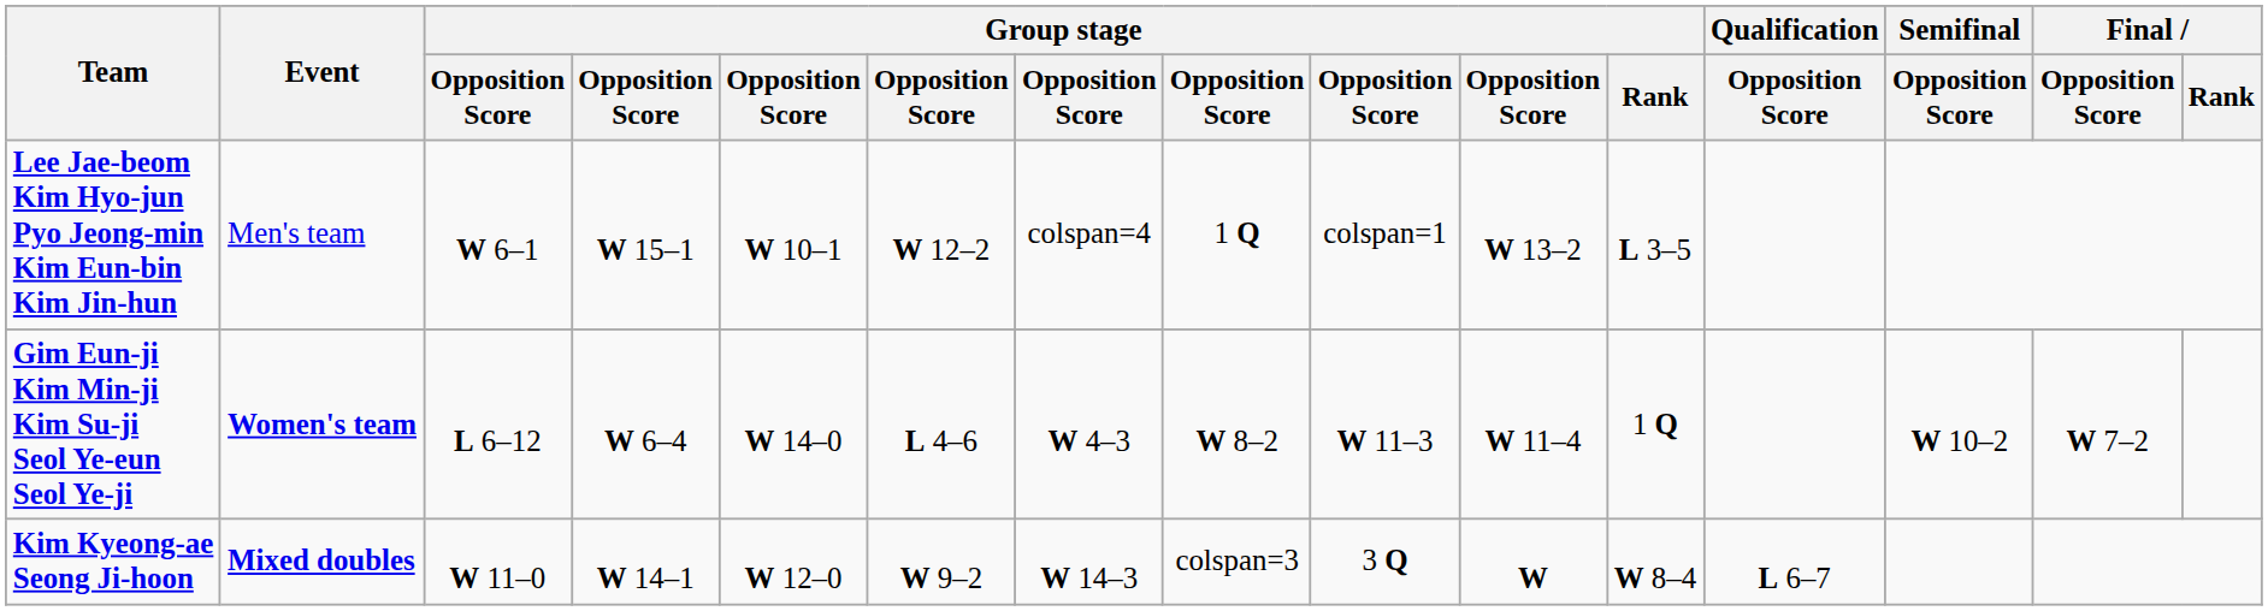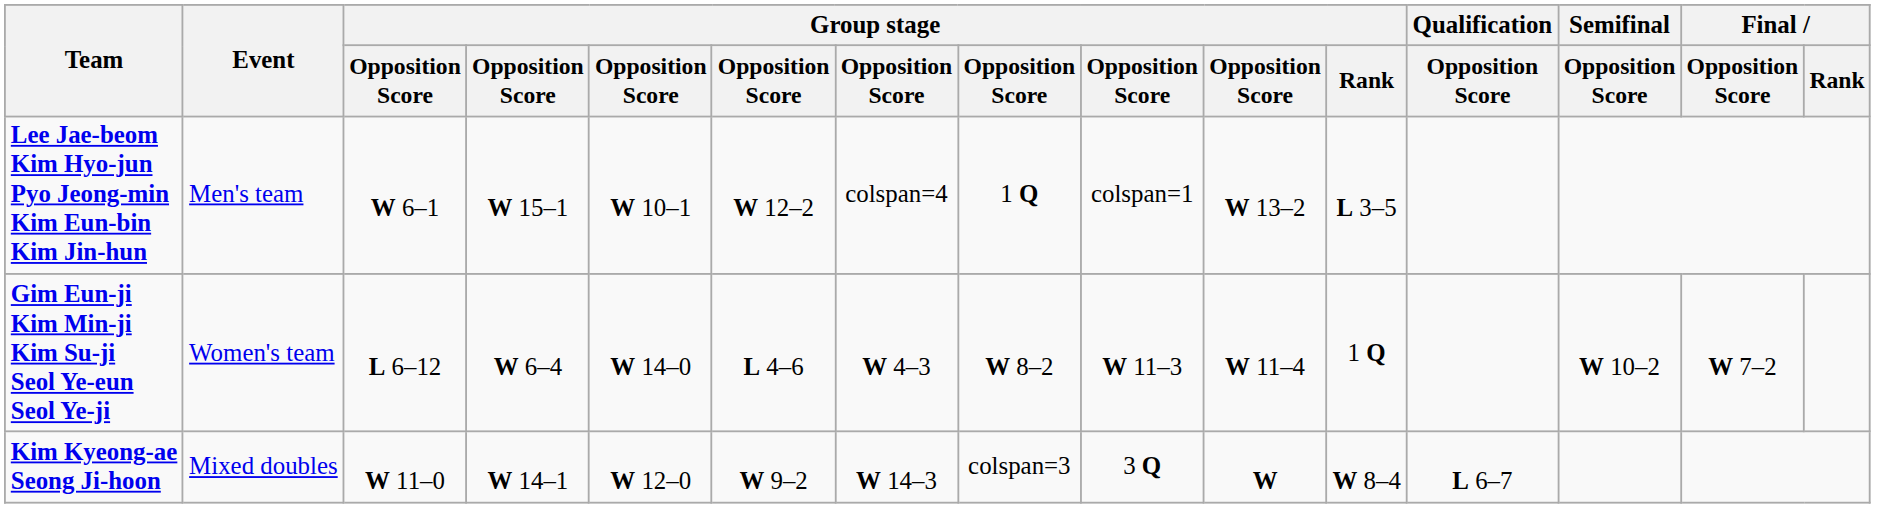 <table class=wikitable style=font-size:85%;text-align:center>
 <tr>
 <th rowspan=2>Team</th>
 <th rowspan=2>Event</th>
 <th colspan=9>Group stage</th>
 <th>Qualification</th>
 <th>Semifinal</th>
 <th colspan=2>Final / </th>
 </tr>
 <tr style=font-size:95%>
 <th>Opposition<br>Score</th>
 <th>Opposition<br>Score</th>
 <th>Opposition<br>Score</th>
 <th>Opposition<br>Score</th>
 <th>Opposition<br>Score</th>
 <th>Opposition<br>Score</th>
 <th>Opposition<br>Score</th>
 <th>Opposition<br>Score</th>
 <th>Rank</th>
 <th>Opposition<br>Score</th>
 <th>Opposition<br>Score</th>
 <th>Opposition<br>Score</th>
 <th>Rank</th>
 </tr>
 <tr>
 <td align=left><strong><a href='#'>Lee Jae-beom</a><br><a href='#'>Kim Hyo-jun</a><br><a href='#'>Pyo Jeong-min</a><br><a href='#'>Kim Eun-bin</a><br><a href='#'>Kim Jin-hun</a></strong></td>
 <td align=left><a href='#'>Men's team</a></td>
 <td><br><strong>W</strong> 6–1</td>
 <td><br><strong>W</strong> 15–1</td>
 <td><br><strong>W</strong> 10–1</td>
 <td><br><strong>W</strong> 12–2</td>
 <td>colspan=4 </td>
 <td>1 <strong>Q</strong></td>
 <td>colspan=1 </td>
 <td><br><strong>W</strong> 13–2</td>
 <td><br><strong>L</strong> 3–5</td>
 <td></td>
 </tr>
 <tr>
 <td align=left><strong><a href='#'>Gim Eun-ji</a><br><a href='#'>Kim Min-ji</a><br><a href='#'>Kim Su-ji</a><br><a href='#'>Seol Ye-eun</a><br><a href='#'>Seol Ye-ji</a></strong></td>
-<td align=left><strong><a href='#'>Women's team</a></strong></td>
+<td align=left><a href='#'>Women's team</a></td>
 <td><br><strong>L</strong> 6–12</td>
 <td><br><strong>W</strong> 6–4</td>
 <td><br><strong>W</strong> 14–0</td>
 <td><br><strong>L</strong> 4–6</td>
 <td><br><strong>W</strong> 4–3</td>
 <td><br><strong>W</strong> 8–2</td>
 <td><br><strong>W</strong> 11–3</td>
 <td><br><strong>W</strong> 11–4</td>
 <td>1 <strong>Q</strong></td>
 <td></td>
 <td><br><strong>W</strong> 10–2</td>
 <td><br><strong>W</strong> 7–2</td>
 <td></td>
 </tr>
 <tr>
 <td align=left><strong><a href='#'>Kim Kyeong-ae</a><br><a href='#'>Seong Ji-hoon</a></strong></td>
-<td align=left><strong><a href='#'>Mixed doubles</a></strong></td>
+<td align=left><a href='#'>Mixed doubles</a></td>
 <td><br><strong>W</strong> 11–0</td>
 <td><br><strong>W</strong> 14–1</td>
 <td><br><strong>W</strong> 12–0</td>
 <td><br><strong>W</strong> 9–2</td>
 <td><br><strong>W</strong> 14–3</td>
 <td>colspan=3 </td>
 <td>3 <strong>Q</strong></td>
 <td><br><strong>W</strong></td>
 <td><br><strong>W</strong> 8–4</td>
 <td><br><strong>L</strong> 6–7</td>
 <td></td>
 </tr>
 </table>
